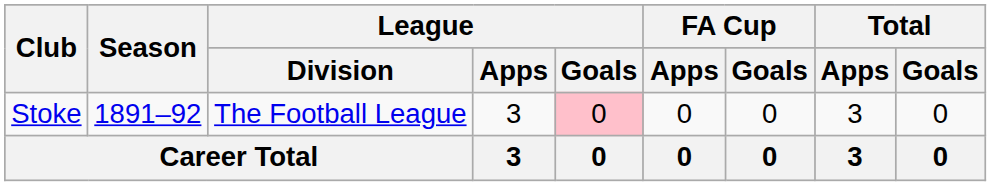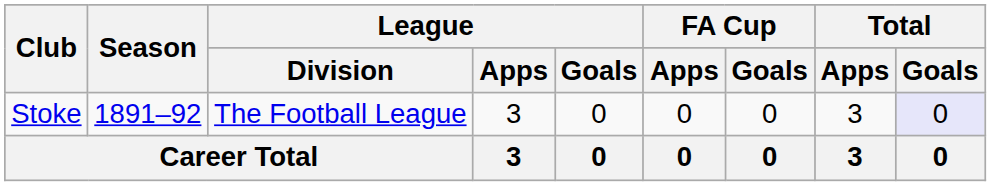 <table class="wikitable" style="text-align: center;">
 <tr>
 <th rowspan="2">Club</th>
 <th rowspan="2">Season</th>
 <th colspan="3">League</th>
 <th colspan="2">FA Cup</th>
 <th colspan="2">Total</th>
 </tr>
 <tr>
 <th>Division</th>
 <th>Apps</th>
 <th>Goals</th>
 <th>Apps</th>
 <th>Goals</th>
 <th>Apps</th>
 <th>Goals</th>
 </tr>
 <tr>
 <td><a href='#'>Stoke</a></td>
 <td><a href='#'>1891–92</a></td>
 <td><a href='#'>The Football League</a></td>
 <td>3</td>
-<td style="background: pink;">0</td>
+<td>0</td>
 <td>0</td>
 <td>0</td>
 <td>3</td>
-<td>0</td>
+<td style="background: lavender;">0</td>
 </tr>
 <tr>
 <th colspan=3>Career Total</th>
 <th>3</th>
 <th>0</th>
 <th>0</th>
 <th>0</th>
 <th>3</th>
 <th>0</th>
 </tr>
 </table>
